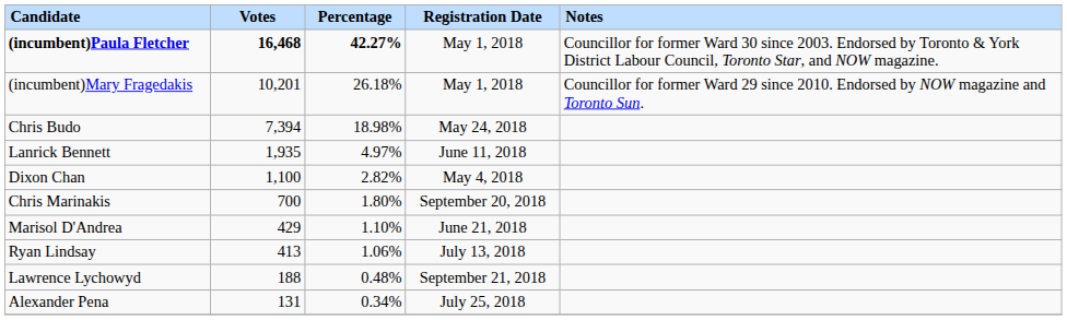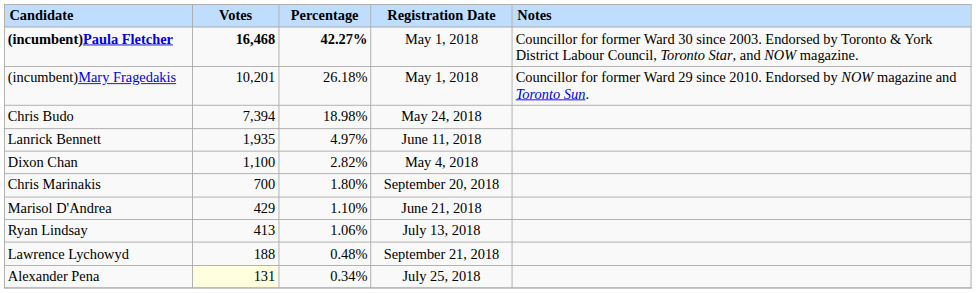 <table class="sortable wikitable">
 <tr>
 <th scope="col" style="background-color:#bfdeff;width:200px;text-align:left;padding-left:5px;">Candidate</th>
 <th scope="col" style="background-color:#bfdeff;width:88px;">Votes</th>
 <th scope="col" style="background-color:#bfdeff;width:95px;">Percentage</th>
 <th scope="col" style="background-color:#bfdeff;width:150px;">Registration Date</th>
 <th scope="col" style="background-color:#bfdeff;width:500px;text-align:left;padding-left:5px;">Notes</th>
 </tr>
 <tr>
 <td valign="top"><strong>(incumbent)<a href='#'>Paula Fletcher</a></strong></td>
 <td valign="top" align="right"><strong>16,468</strong></td>
 <td valign="top" align="right"><strong>42.27%</strong></td>
 <td valign="top" align="center">May 1, 2018</td>
 <td>Councillor for former Ward 30 since 2003. Endorsed by Toronto & York District Labour Council, <em>Toronto Star</em>, and <em>NOW</em> magazine.</td>
 </tr>
 <tr>
 <td valign="top">(incumbent)<a href='#'>Mary Fragedakis</a></td>
 <td valign="top" align="right">10,201</td>
 <td valign="top" align="right">26.18%</td>
 <td valign="top" align="center">May 1, 2018</td>
 <td>Councillor for former Ward 29 since 2010. Endorsed by <em>NOW</em> magazine and <em><a href='#'>Toronto Sun</a></em>.</td>
 </tr>
 <tr>
 <td valign="top">Chris Budo</td>
 <td valign="top" align="right">7,394</td>
 <td valign="top" align="right">18.98%</td>
 <td valign="top" align="center">May 24, 2018</td>
 <td></td>
 </tr>
 <tr>
 <td valign="top">Lanrick Bennett</td>
 <td valign="top" align="right">1,935</td>
 <td valign="top" align="right">4.97%</td>
 <td valign="top" align="center">June 11, 2018</td>
 <td></td>
 </tr>
 <tr>
 <td valign="top">Dixon Chan</td>
 <td valign="top" align="right">1,100</td>
 <td valign="top" align="right">2.82%</td>
 <td valign="top" align="center">May 4, 2018</td>
 <td></td>
 </tr>
 <tr>
 <td valign="top">Chris Marinakis</td>
 <td valign="top" align="right">700</td>
 <td valign="top" align="right">1.80%</td>
 <td valign="top" align="center">September 20, 2018</td>
 <td></td>
 </tr>
 <tr>
 <td valign="top">Marisol D'Andrea</td>
 <td valign="top" align="right">429</td>
 <td valign="top" align="right">1.10%</td>
 <td valign="top" align="center">June 21, 2018</td>
 <td></td>
 </tr>
 <tr>
 <td valign="top">Ryan Lindsay</td>
 <td valign="top" align="right">413</td>
 <td valign="top" align="right">1.06%</td>
 <td valign="top" align="center">July 13, 2018</td>
 <td></td>
 </tr>
 <tr>
 <td valign="top">Lawrence Lychowyd</td>
 <td valign="top" align="right">188</td>
 <td valign="top" align="right">0.48%</td>
 <td valign="top" align="center">September 21, 2018</td>
 <td></td>
 </tr>
 <tr>
 <td valign="top">Alexander Pena</td>
-<td valign="top" align="right">131</td>
+<td valign="top" align="right" style="background: lightyellow;">131</td>
 <td valign="top" align="right">0.34%</td>
 <td valign="top" align="center">July 25, 2018</td>
 <td></td>
 </tr>
 <tr>
 </tr>
 </table>
